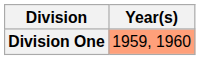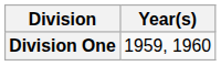 <table class="wikitable" style="font-size:85%">
 <tr>
 <th scope="col">Division</th>
 <th scope="col">Year(s)</th>
 </tr>
 <tr>
 <th scope="row">Division One</th>
-<td style="background: lightsalmon;">1959, 1960</td>
+<td>1959, 1960</td>
 </tr>
 </table>
